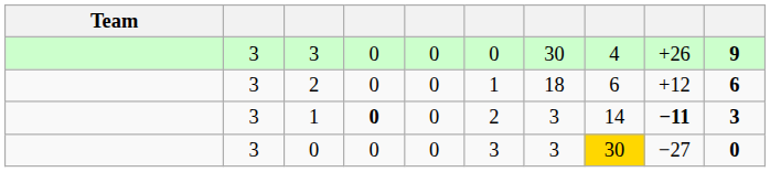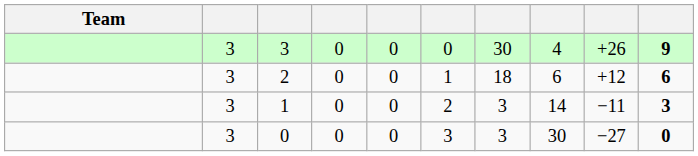 <table class="wikitable" style="text-align:center;">
 <tr>
 <th width=165>Team</th>
 <th width=40></th>
 <th width=40></th>
 <th width=40></th>
 <th width=40></th>
 <th width=40></th>
 <th width=40></th>
 <th width=40></th>
 <th width=40></th>
 <th width=40></th>
 </tr>
 <tr bgcolor=ccffcc>
 <td style="text-align:left;"></td>
 <td>3</td>
 <td>3</td>
 <td>0</td>
 <td>0</td>
 <td>0</td>
 <td>30</td>
 <td>4</td>
 <td>+26</td>
 <td><strong>9</strong></td>
 </tr>
 <tr>
 <td style="text-align:left;"></td>
 <td>3</td>
 <td>2</td>
 <td>0</td>
 <td>0</td>
 <td>1</td>
 <td>18</td>
 <td>6</td>
 <td>+12</td>
 <td><strong>6</strong></td>
 </tr>
 <tr>
 <td style="text-align:left;"></td>
 <td>3</td>
 <td>1</td>
-<td><strong>0</strong></td>
+<td>0</td>
 <td>0</td>
 <td>2</td>
 <td>3</td>
 <td>14</td>
-<td><strong>−11</strong></td>
+<td>−11</td>
 <td><strong>3</strong></td>
 </tr>
 <tr>
 <td style="text-align:left;"></td>
 <td>3</td>
 <td>0</td>
 <td>0</td>
 <td>0</td>
 <td>3</td>
 <td>3</td>
-<td style="background: gold;">30</td>
+<td>30</td>
 <td>−27</td>
 <td><strong>0</strong></td>
 </tr>
 </table>
